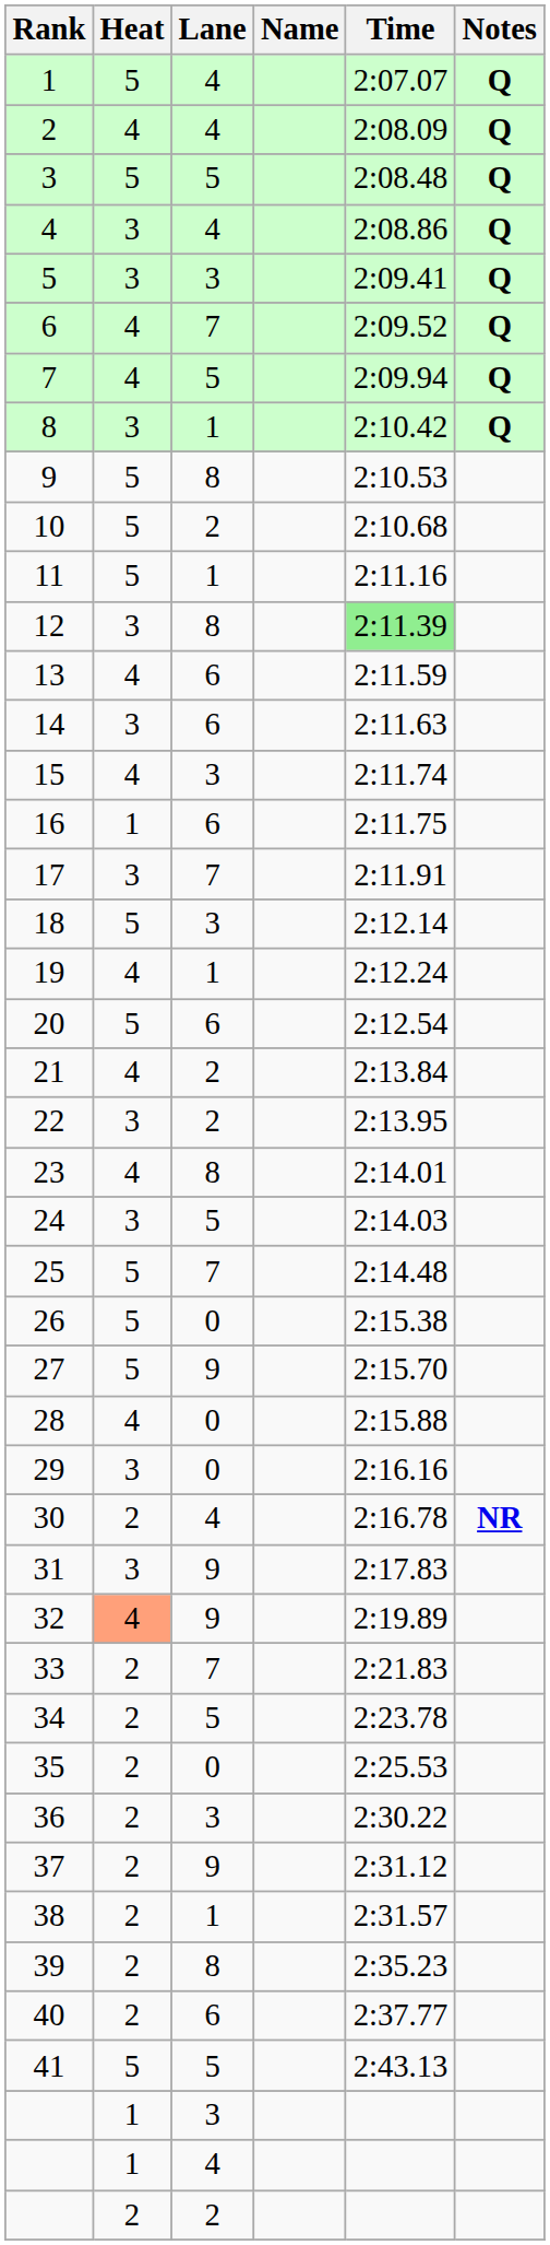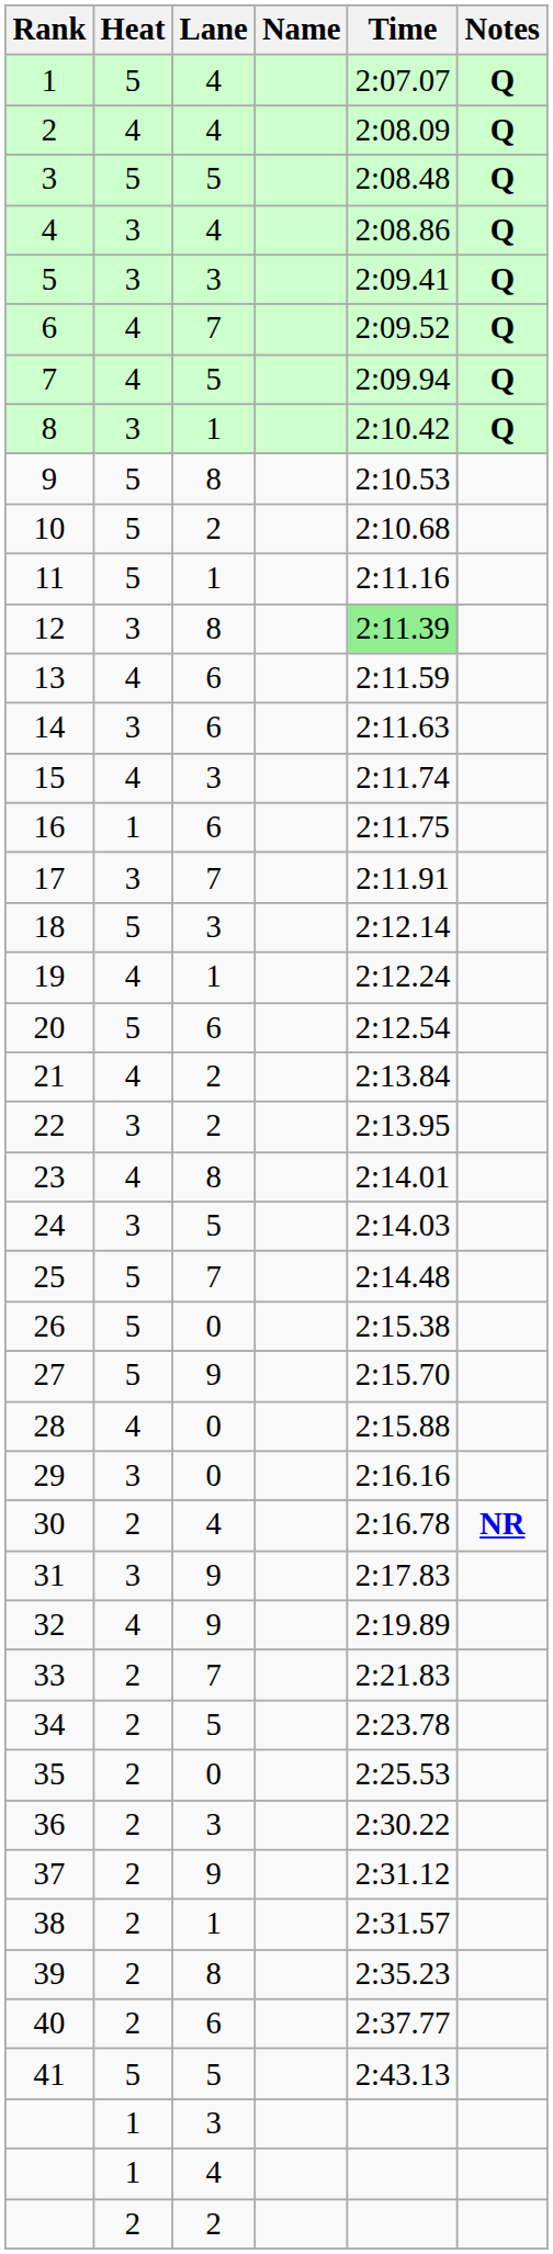 <table class="wikitable sortable" style="text-align:center">
 <tr>
 <th>Rank</th>
 <th>Heat</th>
 <th>Lane</th>
 <th>Name</th>
 <th>Time</th>
 <th>Notes</th>
 </tr>
 <tr bgcolor=ccffcc>
 <td>1</td>
 <td>5</td>
 <td>4</td>
 <td align=left></td>
 <td>2:07.07</td>
 <td><strong>Q</strong></td>
 </tr>
 <tr bgcolor=ccffcc>
 <td>2</td>
 <td>4</td>
 <td>4</td>
 <td align=left></td>
 <td>2:08.09</td>
 <td><strong>Q</strong></td>
 </tr>
 <tr bgcolor=ccffcc>
 <td>3</td>
 <td>5</td>
 <td>5</td>
 <td align=left></td>
 <td>2:08.48</td>
 <td><strong>Q</strong></td>
 </tr>
 <tr bgcolor=ccffcc>
 <td>4</td>
 <td>3</td>
 <td>4</td>
 <td align=left></td>
 <td>2:08.86</td>
 <td><strong>Q</strong></td>
 </tr>
 <tr bgcolor=ccffcc>
 <td>5</td>
 <td>3</td>
 <td>3</td>
 <td align=left></td>
 <td>2:09.41</td>
 <td><strong>Q</strong></td>
 </tr>
 <tr bgcolor=ccffcc>
 <td>6</td>
 <td>4</td>
 <td>7</td>
 <td align=left></td>
 <td>2:09.52</td>
 <td><strong>Q</strong></td>
 </tr>
 <tr bgcolor=ccffcc>
 <td>7</td>
 <td>4</td>
 <td>5</td>
 <td align=left></td>
 <td>2:09.94</td>
 <td><strong>Q</strong></td>
 </tr>
 <tr bgcolor=ccffcc>
 <td>8</td>
 <td>3</td>
 <td>1</td>
 <td align=left></td>
 <td>2:10.42</td>
 <td><strong>Q</strong></td>
 </tr>
 <tr>
 <td>9</td>
 <td>5</td>
 <td>8</td>
 <td align=left></td>
 <td>2:10.53</td>
 <td></td>
 </tr>
 <tr>
 <td>10</td>
 <td>5</td>
 <td>2</td>
 <td align=left></td>
 <td>2:10.68</td>
 <td></td>
 </tr>
 <tr>
 <td>11</td>
 <td>5</td>
 <td>1</td>
 <td align=left></td>
 <td>2:11.16</td>
 <td></td>
 </tr>
 <tr>
 <td>12</td>
 <td>3</td>
 <td>8</td>
 <td align=left></td>
 <td style="background: lightgreen;">2:11.39</td>
 <td></td>
 </tr>
 <tr>
 <td>13</td>
 <td>4</td>
 <td>6</td>
 <td align=left></td>
 <td>2:11.59</td>
 <td></td>
 </tr>
 <tr>
 <td>14</td>
 <td>3</td>
 <td>6</td>
 <td align=left></td>
 <td>2:11.63</td>
 <td></td>
 </tr>
 <tr>
 <td>15</td>
 <td>4</td>
 <td>3</td>
 <td align=left></td>
 <td>2:11.74</td>
 <td></td>
 </tr>
 <tr>
 <td>16</td>
 <td>1</td>
 <td>6</td>
 <td align=left></td>
 <td>2:11.75</td>
 <td></td>
 </tr>
 <tr>
 <td>17</td>
 <td>3</td>
 <td>7</td>
 <td align=left></td>
 <td>2:11.91</td>
 <td></td>
 </tr>
 <tr>
 <td>18</td>
 <td>5</td>
 <td>3</td>
 <td align=left></td>
 <td>2:12.14</td>
 <td></td>
 </tr>
 <tr>
 <td>19</td>
 <td>4</td>
 <td>1</td>
 <td align=left></td>
 <td>2:12.24</td>
 <td></td>
 </tr>
 <tr>
 <td>20</td>
 <td>5</td>
 <td>6</td>
 <td align=left></td>
 <td>2:12.54</td>
 <td></td>
 </tr>
 <tr>
 <td>21</td>
 <td>4</td>
 <td>2</td>
 <td align=left></td>
 <td>2:13.84</td>
 <td></td>
 </tr>
 <tr>
 <td>22</td>
 <td>3</td>
 <td>2</td>
 <td align=left></td>
 <td>2:13.95</td>
 <td></td>
 </tr>
 <tr>
 <td>23</td>
 <td>4</td>
 <td>8</td>
 <td align=left></td>
 <td>2:14.01</td>
 <td></td>
 </tr>
 <tr>
 <td>24</td>
 <td>3</td>
 <td>5</td>
 <td align=left></td>
 <td>2:14.03</td>
 <td></td>
 </tr>
 <tr>
 <td>25</td>
 <td>5</td>
 <td>7</td>
 <td align=left></td>
 <td>2:14.48</td>
 <td></td>
 </tr>
 <tr>
 <td>26</td>
 <td>5</td>
 <td>0</td>
 <td align=left></td>
 <td>2:15.38</td>
 <td></td>
 </tr>
 <tr>
 <td>27</td>
 <td>5</td>
 <td>9</td>
 <td align=left></td>
 <td>2:15.70</td>
 <td></td>
 </tr>
 <tr>
 <td>28</td>
 <td>4</td>
 <td>0</td>
 <td align=left></td>
 <td>2:15.88</td>
 <td></td>
 </tr>
 <tr>
 <td>29</td>
 <td>3</td>
 <td>0</td>
 <td align=left></td>
 <td>2:16.16</td>
 <td></td>
 </tr>
 <tr>
 <td>30</td>
 <td>2</td>
 <td>4</td>
 <td align=left></td>
 <td>2:16.78</td>
 <td><strong><a href='#'>NR</a></strong></td>
 </tr>
 <tr>
 <td>31</td>
 <td>3</td>
 <td>9</td>
 <td align=left></td>
 <td>2:17.83</td>
 <td></td>
 </tr>
 <tr>
 <td>32</td>
-<td style="background: lightsalmon;">4</td>
+<td>4</td>
 <td>9</td>
 <td align=left></td>
 <td>2:19.89</td>
 <td></td>
 </tr>
 <tr>
 <td>33</td>
 <td>2</td>
 <td>7</td>
 <td align=left></td>
 <td>2:21.83</td>
 <td></td>
 </tr>
 <tr>
 <td>34</td>
 <td>2</td>
 <td>5</td>
 <td align=left></td>
 <td>2:23.78</td>
 <td></td>
 </tr>
 <tr>
 <td>35</td>
 <td>2</td>
 <td>0</td>
 <td align=left></td>
 <td>2:25.53</td>
 <td></td>
 </tr>
 <tr>
 <td>36</td>
 <td>2</td>
 <td>3</td>
 <td align=left></td>
 <td>2:30.22</td>
 <td></td>
 </tr>
 <tr>
 <td>37</td>
 <td>2</td>
 <td>9</td>
 <td align=left></td>
 <td>2:31.12</td>
 <td></td>
 </tr>
 <tr>
 <td>38</td>
 <td>2</td>
 <td>1</td>
 <td align=left></td>
 <td>2:31.57</td>
 <td></td>
 </tr>
 <tr>
 <td>39</td>
 <td>2</td>
 <td>8</td>
 <td align=left></td>
 <td>2:35.23</td>
 <td></td>
 </tr>
 <tr>
 <td>40</td>
 <td>2</td>
 <td>6</td>
 <td align=left></td>
 <td>2:37.77</td>
 <td></td>
 </tr>
 <tr>
 <td>41</td>
 <td>5</td>
 <td>5</td>
 <td align=left></td>
 <td>2:43.13</td>
 <td></td>
 </tr>
 <tr>
 <td></td>
 <td>1</td>
 <td>3</td>
 <td align=left></td>
 <td></td>
 <td></td>
 </tr>
 <tr>
 <td></td>
 <td>1</td>
 <td>4</td>
 <td align=left></td>
 <td></td>
 <td></td>
 </tr>
 <tr>
 <td></td>
 <td>2</td>
 <td>2</td>
 <td align=left></td>
 <td></td>
 <td></td>
 </tr>
 </table>
